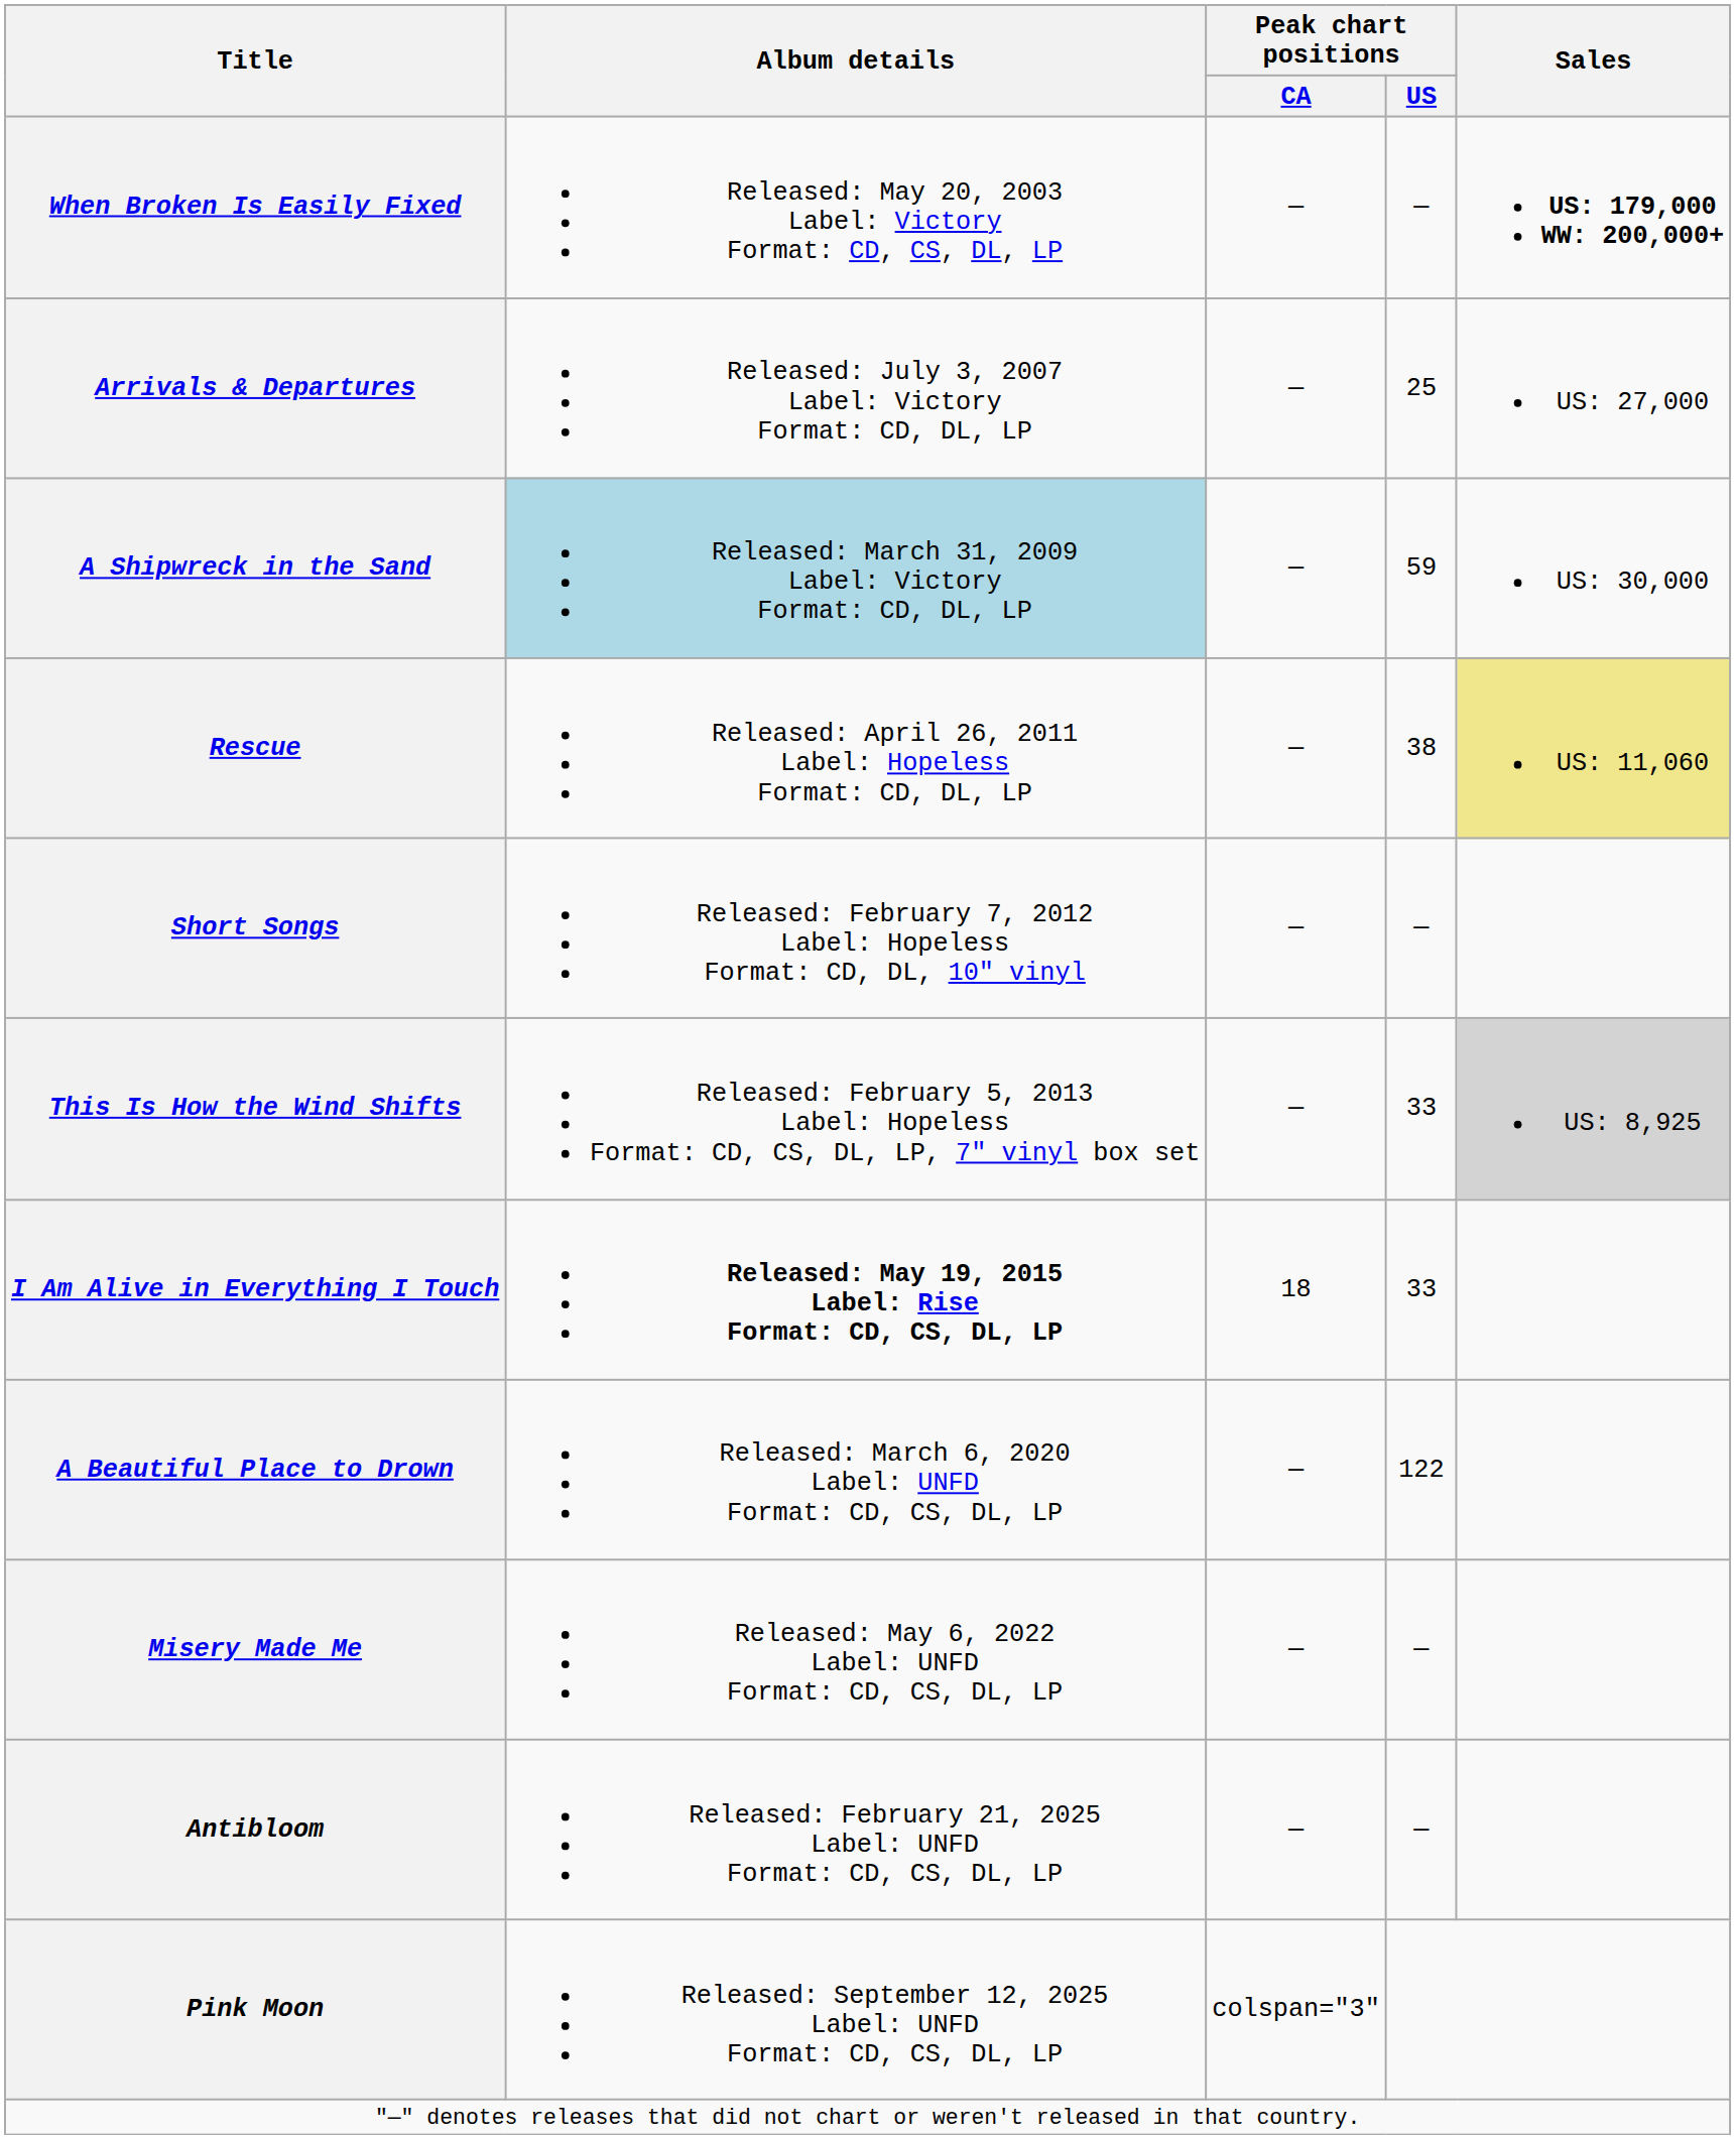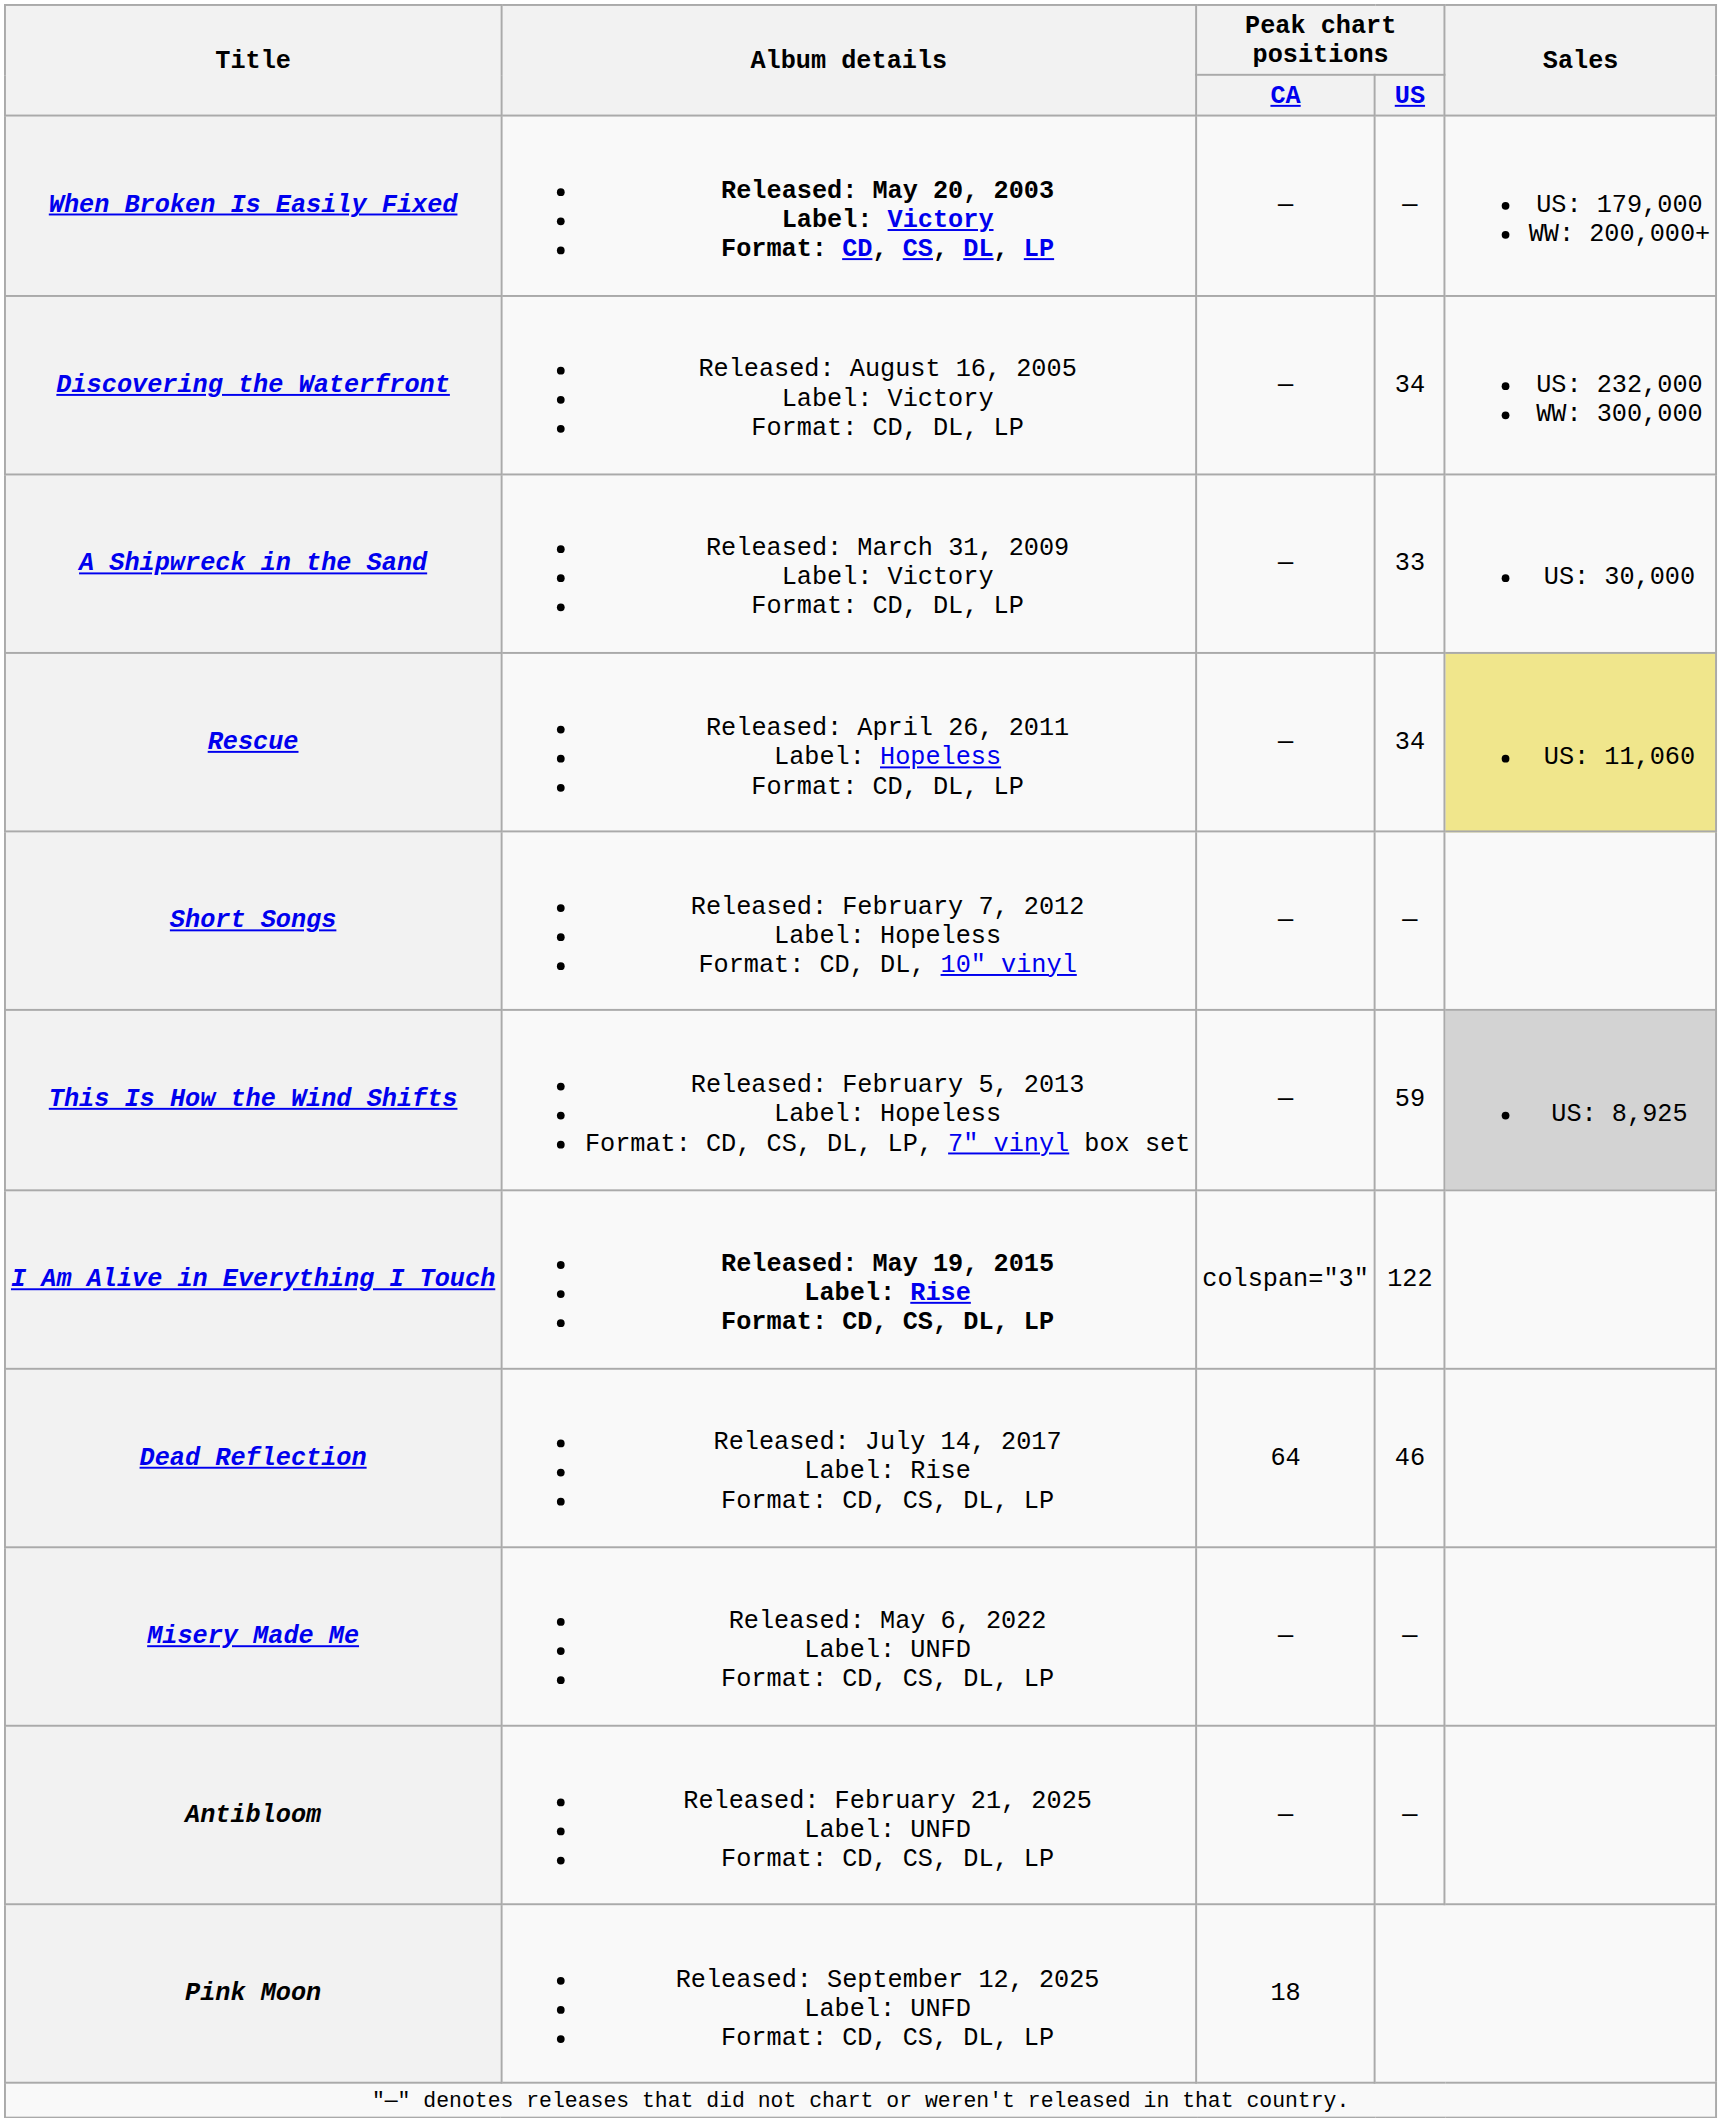 <table class="wikitable plainrowheaders" style="text-align:center;">
 <tr>
 <th scope="col" rowspan="2">Title</th>
 <th scope="col" rowspan="2">Album details</th>
 <th scope="col" colspan="2">Peak chart<br>positions</th>
 <th scope="col" rowspan="2">Sales</th>
 </tr>
 <tr>
 <th style="width:30px;"><a href='#'>CA</a><br></th>
 <th style="width:30px;"><a href='#'>US</a><br></th>
 </tr>
 <tr>
 <th scope="row"><em><a href='#'>When Broken Is Easily Fixed</a></em></th>
-<td><br><ul><li>Released: May 20, 2003</li><li>Label: <a href='#'>Victory</a></li><li>Format: <a href='#'>CD</a>, <a href='#'>CS</a>, <a href='#'>DL</a>, <a href='#'>LP</a></li></ul></td>
+<td><strong><br><ul><li>Released: May 20, 2003</li><li>Label: <a href='#'>Victory</a></li><li>Format: <a href='#'>CD</a>, <a href='#'>CS</a>, <a href='#'>DL</a>, <a href='#'>LP</a></li></ul></strong></td>
 <td style="text-align:center;">—</td>
 <td style="text-align:center;">—</td>
-<td><strong><br><ul><li>US: 179,000</li><li>WW: 200,000+</li></ul></strong></td>
+<td><br><ul><li>US: 179,000</li><li>WW: 200,000+</li></ul></td>
 </tr>
 <tr>
-<th scope="row"><em><a href='#'>Arrivals & Departures</a></em></th>
-<td><br><ul><li>Released: July 3, 2007</li><li>Label: Victory</li><li>Format: CD, DL, LP</li></ul></td>
+<th scope="row"><em><a href='#'>Discovering the Waterfront</a></em></th>
+<td><br><ul><li>Released: August 16, 2005</li><li>Label: Victory</li><li>Format: CD, DL, LP</li></ul></td>
 <td style="text-align:center;">—</td>
-<td style="text-align:center;">25</td>
-<td><br><ul><li>US: 27,000</li></ul></td>
+<td style="text-align:center;">34</td>
+<td><br><ul><li>US: 232,000</li><li>WW: 300,000</li></ul></td>
 </tr>
 <tr>
 <th scope="row"><em><a href='#'>A Shipwreck in the Sand</a></em></th>
-<td style="background: lightblue;"><br><ul><li>Released: March 31, 2009</li><li>Label: Victory</li><li>Format: CD, DL, LP</li></ul></td>
+<td><br><ul><li>Released: March 31, 2009</li><li>Label: Victory</li><li>Format: CD, DL, LP</li></ul></td>
 <td style="text-align:center;">—</td>
-<td style="text-align:center;">59</td>
+<td style="text-align:center;">33</td>
 <td><br><ul><li>US: 30,000</li></ul></td>
 </tr>
 <tr>
 <th scope="row"><em><a href='#'>Rescue</a></em></th>
 <td><br><ul><li>Released: April 26, 2011</li><li>Label: <a href='#'>Hopeless</a></li><li>Format: CD, DL, LP</li></ul></td>
 <td style="text-align:center;">—</td>
-<td style="text-align:center;">38</td>
+<td style="text-align:center;">34</td>
 <td style="background: khaki;"><br><ul><li>US: 11,060</li></ul></td>
 </tr>
 <tr>
 <th scope="row"><em><a href='#'>Short Songs</a></em></th>
 <td><br><ul><li>Released: February 7, 2012</li><li>Label: Hopeless</li><li>Format: CD, DL, <a href='#'>10" vinyl</a></li></ul></td>
 <td style="text-align:center;">—</td>
 <td style="text-align:center;">—</td>
 <td></td>
 </tr>
 <tr>
 <th scope="row"><em><a href='#'>This Is How the Wind Shifts</a></em></th>
 <td><br><ul><li>Released: February 5, 2013</li><li>Label: Hopeless</li><li>Format: CD, CS, DL, LP, <a href='#'>7" vinyl</a> box set</li></ul></td>
 <td style="text-align:center;">—</td>
-<td style="text-align:center;">33</td>
+<td style="text-align:center;">59</td>
 <td style="background: lightgrey;"><br><ul><li>US: 8,925</li></ul></td>
 </tr>
 <tr>
 <th scope="row"><em><a href='#'>I Am Alive in Everything I Touch</a></em></th>
 <td><strong><br><ul><li>Released: May 19, 2015</li><li>Label: <a href='#'>Rise</a></li><li>Format: CD, CS, DL, LP</li></ul></strong></td>
-<td style="text-align:center;">18</td>
-<td style="text-align:center;">33</td>
+<td>colspan="3" </td>
+<td style="text-align:center;">122</td>
 <td></td>
 </tr>
 <tr>
-<th scope="row"><em><a href='#'>A Beautiful Place to Drown</a></em></th>
-<td><br><ul><li>Released: March 6, 2020</li><li>Label: <a href='#'>UNFD</a></li><li>Format: CD, CS, DL, LP</li></ul></td>
-<td style="text-align:center;">—</td>
-<td style="text-align:center;">122</td>
+<th scope="row"><em><a href='#'>Dead Reflection</a></em></th>
+<td><br><ul><li>Released: July 14, 2017</li><li>Label: Rise</li><li>Format: CD, CS, DL, LP</li></ul></td>
+<td style="text-align:center;">64</td>
+<td style="text-align:center;">46</td>
 <td></td>
 </tr>
 <tr>
 <th scope="row"><em><a href='#'>Misery Made Me</a></em></th>
 <td><br><ul><li>Released: May 6, 2022</li><li>Label: UNFD</li><li>Format: CD, CS, DL, LP</li></ul></td>
 <td style="text-align:center;">—</td>
 <td style="text-align:center;">—</td>
 <td></td>
 </tr>
 <tr>
 <th scope="row"><em>Antibloom</em></th>
 <td><br><ul><li>Released: February 21, 2025</li><li>Label: UNFD</li><li>Format: CD, CS, DL, LP</li></ul></td>
 <td style="text-align:center;">—</td>
 <td style="text-align:center;">—</td>
 <td></td>
 </tr>
 <tr>
 <th scope="row"><em>Pink Moon</em></th>
 <td><br><ul><li>Released: September 12, 2025</li><li>Label: UNFD</li><li>Format: CD, CS, DL, LP</li></ul></td>
-<td>colspan="3" </td>
+<td style="text-align:center;">18</td>
 </tr>
 <tr>
 <td colspan="5" style="text-align:center; font-size:85%;">"—" denotes releases that did not chart or weren't released in that country.</td>
 </tr>
 </table>
